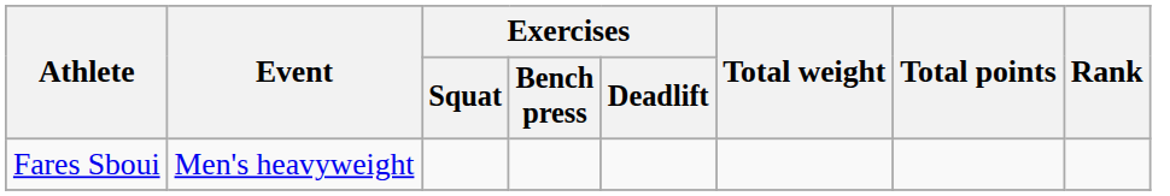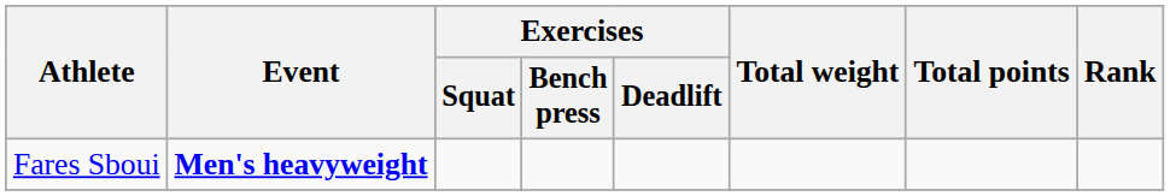 <table class=wikitable style="font-size:90%">
 <tr>
 <th rowspan="2">Athlete</th>
 <th rowspan="2">Event</th>
 <th colspan="3">Exercises</th>
 <th rowspan="2">Total weight</th>
 <th rowspan="2">Total points</th>
 <th rowspan="2">Rank</th>
 </tr>
 <tr style="font-size:95%">
 <th>Squat</th>
 <th>Bench<br>press</th>
 <th>Deadlift</th>
 </tr>
 <tr align=center>
 <td align=left><a href='#'>Fares Sboui</a></td>
-<td align=left><a href='#'>Men's heavyweight</a></td>
+<td align=left><strong><a href='#'>Men's heavyweight</a></strong></td>
 <td></td>
 <td></td>
 <td></td>
 <td></td>
 <td></td>
 </tr>
 </table>
